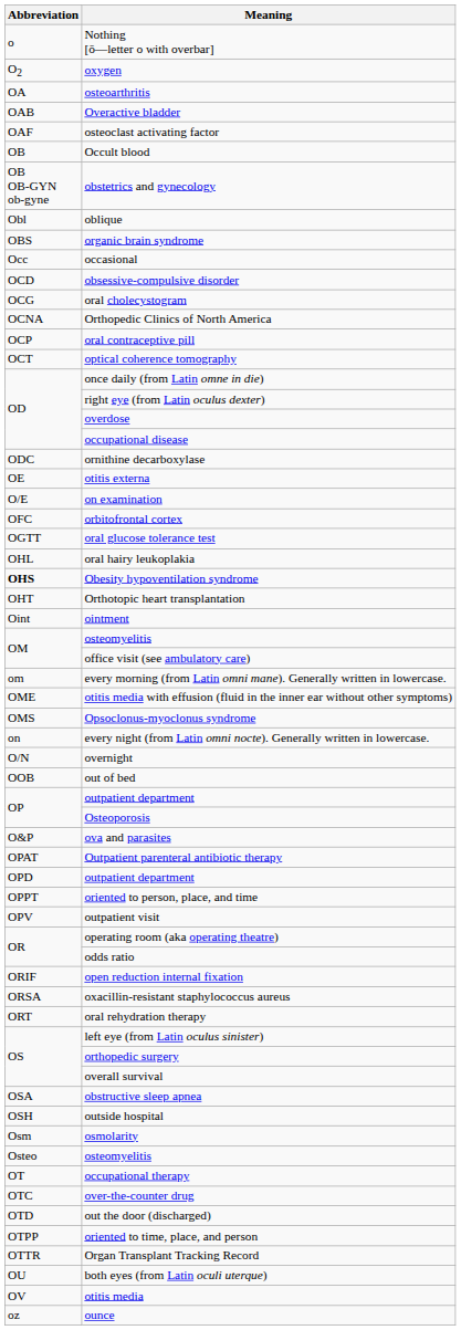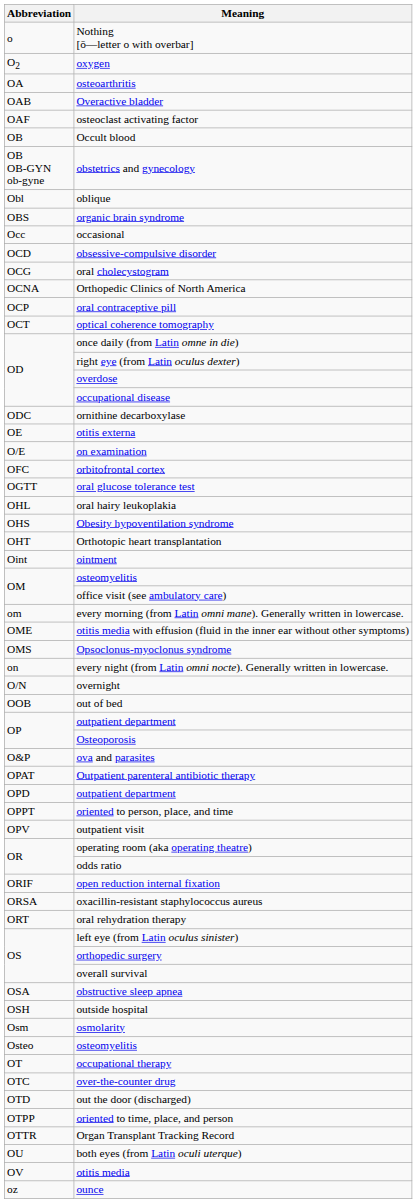 <table class="wikitable sortable">
 <tr>
 <th scope="col">Abbreviation</th>
 <th scope="col">Meaning</th>
 </tr>
 <tr>
 <td><span>o</span></td>
 <td>Nothing <br> [ō—letter o with overbar]</td>
 </tr>
 <tr>
 <td>O<sub>2</sub></td>
 <td><a href='#'>oxygen</a></td>
 </tr>
 <tr>
 <td>OA</td>
 <td><a href='#'>osteoarthritis</a></td>
 </tr>
 <tr>
 <td>OAB</td>
 <td><a href='#'>Overactive bladder</a></td>
 </tr>
 <tr>
 <td>OAF</td>
 <td>osteoclast activating factor</td>
 </tr>
 <tr>
 <td>OB</td>
 <td>Occult blood</td>
 </tr>
 <tr>
 <td>OB <br> OB-GYN <br> ob-gyne</td>
 <td><a href='#'>obstetrics</a> and <a href='#'>gynecology</a></td>
 </tr>
 <tr>
 <td>Obl</td>
 <td>oblique</td>
 </tr>
 <tr>
 <td>OBS</td>
 <td><a href='#'>organic brain syndrome</a></td>
 </tr>
 <tr>
 <td>Occ</td>
 <td>occasional</td>
 </tr>
 <tr>
 <td>OCD</td>
 <td><a href='#'>obsessive-compulsive disorder</a></td>
 </tr>
 <tr>
 <td>OCG</td>
 <td>oral <a href='#'>cholecystogram</a></td>
 </tr>
 <tr>
 <td>OCNA</td>
 <td>Orthopedic Clinics of North America</td>
 </tr>
 <tr>
 <td>OCP</td>
 <td><a href='#'>oral contraceptive pill</a></td>
 </tr>
 <tr>
 <td>OCT</td>
 <td><a href='#'>optical coherence tomography</a></td>
 </tr>
 <tr>
 <td rowspan="4">OD</td>
 <td>once daily (from <a href='#'>Latin</a> <em>omne in die</em>)</td>
 </tr>
 <tr>
 <td>right <a href='#'>eye</a> (from <a href='#'>Latin</a> <em>oculus dexter</em>)</td>
 </tr>
 <tr>
 <td><a href='#'>overdose</a></td>
 </tr>
 <tr>
 <td><a href='#'>occupational disease</a></td>
 </tr>
 <tr>
 <td>ODC</td>
 <td>ornithine decarboxylase</td>
 </tr>
 <tr>
 <td>OE</td>
 <td><a href='#'>otitis externa</a></td>
 </tr>
 <tr>
 <td>O/E</td>
 <td><a href='#'>on examination</a></td>
 </tr>
 <tr>
 <td>OFC</td>
 <td><a href='#'>orbitofrontal cortex</a></td>
 </tr>
 <tr>
 <td>OGTT</td>
 <td><a href='#'>oral glucose tolerance test</a></td>
 </tr>
 <tr>
 <td>OHL</td>
 <td>oral hairy leukoplakia</td>
 </tr>
 <tr>
-<td><strong>OHS</strong></td>
+<td>OHS</td>
 <td><a href='#'>Obesity hypoventilation syndrome</a></td>
 </tr>
 <tr>
 <td>OHT</td>
 <td>Orthotopic heart transplantation</td>
 </tr>
 <tr>
 <td>Oint</td>
 <td><a href='#'>ointment</a></td>
 </tr>
 <tr>
 <td rowspan="2">OM</td>
 <td><a href='#'>osteomyelitis</a></td>
 </tr>
 <tr>
 <td>office visit (see <a href='#'>ambulatory care</a>)</td>
 </tr>
 <tr>
 <td>om</td>
 <td>every morning (from <a href='#'>Latin</a> <em>omni mane</em>). Generally written in lowercase.</td>
 </tr>
 <tr>
 <td>OME</td>
 <td><a href='#'>otitis media</a> with effusion (fluid in the inner ear without other symptoms)</td>
 </tr>
 <tr>
 <td>OMS</td>
 <td><a href='#'>Opsoclonus-myoclonus syndrome</a></td>
 </tr>
 <tr>
 <td>on</td>
 <td>every night (from <a href='#'>Latin</a> <em>omni nocte</em>). Generally written in lowercase.</td>
 </tr>
 <tr>
 <td>O/N</td>
 <td>overnight</td>
 </tr>
 <tr>
 <td>OOB</td>
 <td>out of bed</td>
 </tr>
 <tr>
 <td rowspan="2">OP</td>
 <td><a href='#'>outpatient department</a></td>
 </tr>
 <tr>
 <td><a href='#'>Osteoporosis</a></td>
 </tr>
 <tr>
 <td>O&P</td>
 <td><a href='#'>ova</a> and <a href='#'>parasites</a></td>
 </tr>
 <tr>
 <td>OPAT</td>
 <td><a href='#'>Outpatient parenteral antibiotic therapy</a></td>
 </tr>
 <tr>
 <td>OPD</td>
 <td><a href='#'>outpatient department</a></td>
 </tr>
 <tr>
 <td>OPPT</td>
 <td><a href='#'>oriented</a> to person, place, and time</td>
 </tr>
 <tr>
 <td>OPV</td>
 <td>outpatient visit</td>
 </tr>
 <tr>
 <td rowspan="2">OR</td>
 <td>operating room (aka <a href='#'>operating theatre</a>)</td>
 </tr>
 <tr>
 <td>odds ratio</td>
 </tr>
 <tr>
 <td>ORIF</td>
 <td><a href='#'>open reduction internal fixation</a></td>
 </tr>
 <tr>
 <td>ORSA</td>
 <td>oxacillin-resistant staphylococcus aureus</td>
 </tr>
 <tr>
 <td>ORT</td>
 <td>oral rehydration therapy</td>
 </tr>
 <tr>
 <td rowspan="3">OS</td>
 <td>left eye (from <a href='#'>Latin</a> <em>oculus sinister</em>)</td>
 </tr>
 <tr>
 <td><a href='#'>orthopedic surgery</a></td>
 </tr>
 <tr>
 <td>overall survival</td>
 </tr>
 <tr>
 <td>OSA</td>
 <td><a href='#'>obstructive sleep apnea</a></td>
 </tr>
 <tr>
 <td>OSH</td>
 <td>outside hospital</td>
 </tr>
 <tr>
 <td>Osm</td>
 <td><a href='#'>osmolarity</a></td>
 </tr>
 <tr>
 <td>Osteo</td>
 <td><a href='#'>osteomyelitis</a></td>
 </tr>
 <tr>
 <td>OT</td>
 <td><a href='#'>occupational therapy</a></td>
 </tr>
 <tr>
 <td>OTC</td>
 <td><a href='#'>over-the-counter drug</a></td>
 </tr>
 <tr>
 <td>OTD</td>
 <td>out the door (discharged)</td>
 </tr>
 <tr>
 <td>OTPP</td>
 <td><a href='#'>oriented</a> to time, place, and person</td>
 </tr>
 <tr>
 <td>OTTR</td>
 <td>Organ Transplant Tracking Record</td>
 </tr>
 <tr>
 <td>OU</td>
 <td>both eyes (from <a href='#'>Latin</a> <em>oculi uterque</em>)</td>
 </tr>
 <tr>
 <td>OV</td>
 <td><a href='#'>otitis media</a></td>
 </tr>
 <tr>
 <td>oz</td>
 <td><a href='#'>ounce</a></td>
 </tr>
 </table>
